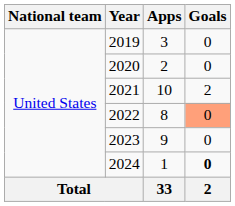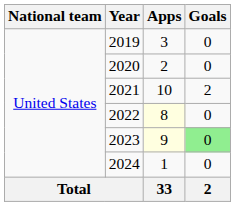 <table class="wikitable" style="text-align:center">
 <tr>
 <th>National team</th>
 <th>Year</th>
 <th>Apps</th>
 <th>Goals</th>
 </tr>
 <tr>
 <td rowspan="6"><a href='#'>United States</a></td>
 <td>2019</td>
 <td>3</td>
 <td>0</td>
 </tr>
 <tr>
 <td>2020</td>
 <td>2</td>
 <td>0</td>
 </tr>
 <tr>
 <td>2021</td>
 <td>10</td>
 <td>2</td>
 </tr>
 <tr>
 <td>2022</td>
-<td>8</td>
-<td style="background: lightsalmon;">0</td>
+<td style="background: lightyellow;">8</td>
+<td>0</td>
 </tr>
 <tr>
 <td>2023</td>
-<td>9</td>
-<td>0</td>
+<td style="background: lightyellow;">9</td>
+<td style="background: lightgreen;">0</td>
 </tr>
 <tr>
 <td>2024</td>
 <td>1</td>
-<td><strong>0</strong></td>
+<td>0</td>
 </tr>
 <tr>
 <th colspan="2">Total</th>
 <th>33</th>
 <th>2</th>
 </tr>
 </table>
